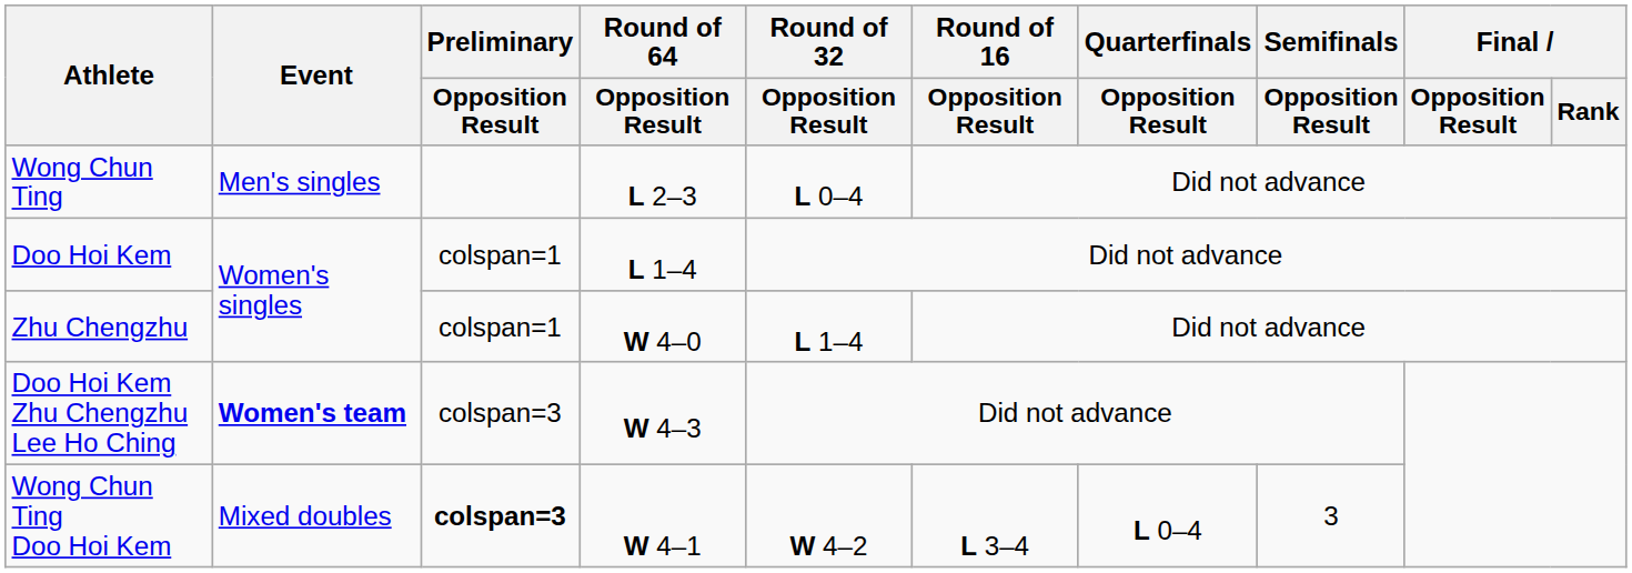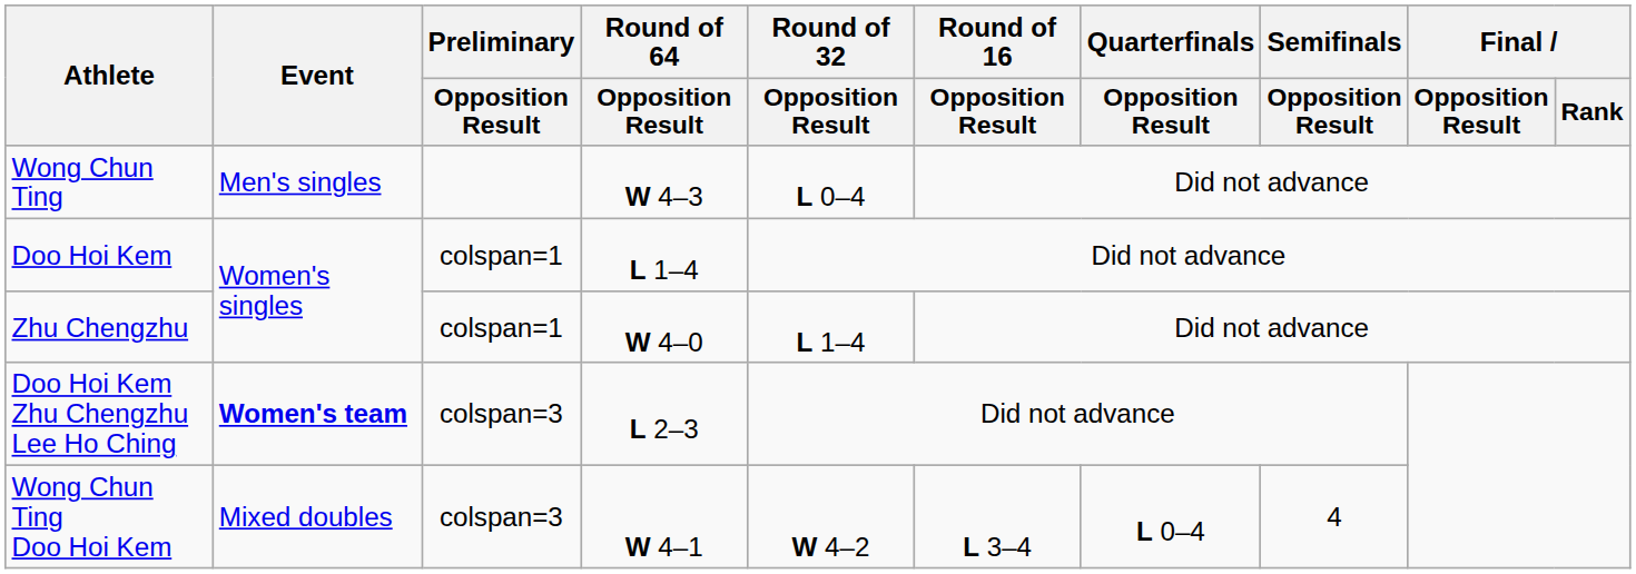 <table class=wikitable style=font-size:90%;text-align:center>
 <tr>
 <th rowspan=2>Athlete</th>
 <th rowspan=2>Event</th>
 <th>Preliminary</th>
 <th>Round of 64</th>
 <th>Round of 32</th>
 <th>Round of 16</th>
 <th>Quarterfinals</th>
 <th>Semifinals</th>
 <th colspan=2>Final / </th>
 </tr>
 <tr style=font-size:95%>
 <th>Opposition<br>Result</th>
 <th>Opposition<br>Result</th>
 <th>Opposition<br>Result</th>
 <th>Opposition<br>Result</th>
 <th>Opposition<br>Result</th>
 <th>Opposition<br>Result</th>
 <th>Opposition<br>Result</th>
 <th>Rank</th>
 </tr>
 <tr>
 <td align=left><a href='#'>Wong Chun Ting</a></td>
 <td align=left><a href='#'>Men's singles</a></td>
 <td></td>
-<td><br><strong>L</strong> 2–3</td>
+<td><br><strong>W</strong> 4–3</td>
 <td><br><strong>L</strong> 0–4</td>
 <td colspan=5>Did not advance</td>
 </tr>
 <tr>
 <td align=left><a href='#'>Doo Hoi Kem</a></td>
 <td align=left rowspan=2><a href='#'>Women's singles</a></td>
 <td>colspan=1 </td>
 <td><br><strong>L</strong> 1–4</td>
 <td colspan=6>Did not advance</td>
 </tr>
 <tr>
 <td align=left><a href='#'>Zhu Chengzhu</a></td>
 <td>colspan=1 </td>
 <td><br><strong>W</strong> 4–0</td>
 <td><br><strong>L</strong> 1–4</td>
 <td colspan=5>Did not advance</td>
 </tr>
 <tr>
 <td align=left><a href='#'>Doo Hoi Kem</a><br><a href='#'>Zhu Chengzhu</a><br><a href='#'>Lee Ho Ching</a></td>
 <td align=left><strong><a href='#'>Women's team</a></strong></td>
 <td>colspan=3 </td>
-<td><br><strong>W</strong> 4–3</td>
+<td><br><strong>L</strong> 2–3</td>
 <td colspan=4>Did not advance</td>
 </tr>
 <tr>
 <td align=left><a href='#'>Wong Chun Ting</a><br><a href='#'>Doo Hoi Kem</a></td>
 <td align=left><a href='#'>Mixed doubles</a></td>
-<td><strong>colspan=3 </strong></td>
+<td>colspan=3 </td>
 <td><br><br><strong>W</strong> 4–1</td>
 <td><br><br><strong>W</strong> 4–2</td>
 <td><br><br><strong>L</strong> 3–4</td>
 <td><br><strong>L</strong> 0–4</td>
-<td>3</td>
+<td>4</td>
 </tr>
 </table>
